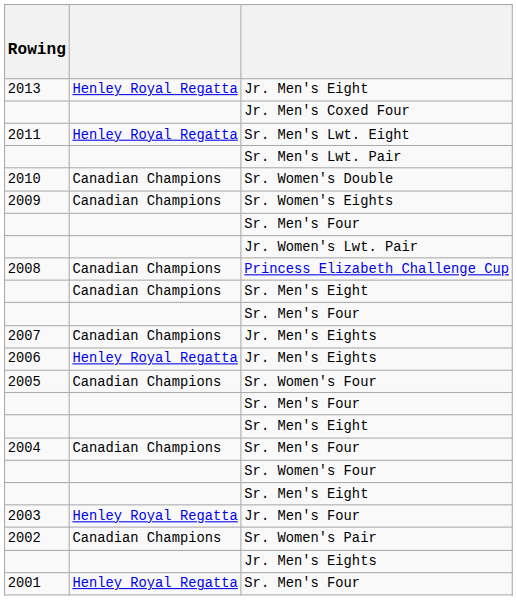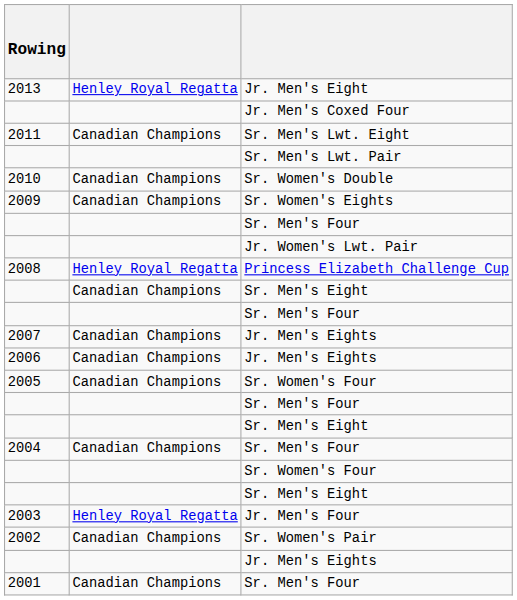 <table class="wikitable">
 <tr>
 <th><br><h3>Rowing</h3></th>
 <th></th>
 <th></th>
 </tr>
 <tr>
 <td>2013</td>
 <td><a href='#'>Henley Royal Regatta</a></td>
 <td>Jr. Men's Eight</td>
 </tr>
 <tr>
 <td></td>
 <td></td>
 <td>Jr. Men's Coxed Four</td>
 </tr>
 <tr>
 <td>2011</td>
-<td><a href='#'>Henley Royal Regatta</a></td>
+<td>Canadian Champions</td>
 <td>Sr. Men's Lwt. Eight</td>
 </tr>
 <tr>
 <td></td>
 <td></td>
 <td>Sr. Men's Lwt. Pair</td>
 </tr>
 <tr>
 <td>2010</td>
 <td>Canadian Champions</td>
 <td>Sr. Women's Double</td>
 </tr>
 <tr>
 <td>2009</td>
 <td>Canadian Champions</td>
 <td>Sr. Women's Eights</td>
 </tr>
 <tr>
 <td></td>
 <td></td>
 <td>Sr. Men's Four</td>
 </tr>
 <tr>
 <td></td>
 <td></td>
 <td>Jr. Women's Lwt. Pair</td>
 </tr>
 <tr>
 <td>2008</td>
-<td>Canadian Champions</td>
+<td><a href='#'>Henley Royal Regatta</a></td>
 <td><a href='#'>Princess Elizabeth Challenge Cup</a></td>
 </tr>
 <tr>
 <td></td>
 <td>Canadian Champions</td>
 <td>Sr. Men's Eight</td>
 </tr>
 <tr>
 <td></td>
 <td></td>
 <td>Sr. Men's Four</td>
 </tr>
 <tr>
 <td>2007</td>
 <td>Canadian Champions</td>
 <td>Jr. Men's Eights</td>
 </tr>
 <tr>
 <td>2006</td>
-<td><a href='#'>Henley Royal Regatta</a></td>
+<td>Canadian Champions</td>
 <td>Jr. Men's Eights</td>
 </tr>
 <tr>
 <td>2005</td>
 <td>Canadian Champions</td>
 <td>Sr. Women's Four</td>
 </tr>
 <tr>
 <td></td>
 <td></td>
 <td>Sr. Men's Four</td>
 </tr>
 <tr>
 <td></td>
 <td></td>
 <td>Sr. Men's Eight</td>
 </tr>
 <tr>
 <td>2004</td>
 <td>Canadian Champions</td>
 <td>Sr. Men's Four</td>
 </tr>
 <tr>
 <td></td>
 <td></td>
 <td>Sr. Women's Four</td>
 </tr>
 <tr>
 <td></td>
 <td></td>
 <td>Sr. Men's Eight</td>
 </tr>
 <tr>
 <td>2003</td>
 <td><a href='#'>Henley Royal Regatta</a></td>
 <td>Jr. Men's Four</td>
 </tr>
 <tr>
 <td>2002</td>
 <td>Canadian Champions</td>
 <td>Sr. Women's Pair</td>
 </tr>
 <tr>
 <td></td>
 <td></td>
 <td>Jr. Men's Eights</td>
 </tr>
 <tr>
 <td>2001</td>
-<td><a href='#'>Henley Royal Regatta</a></td>
+<td>Canadian Champions</td>
 <td>Sr. Men's Four</td>
 </tr>
 </table>
